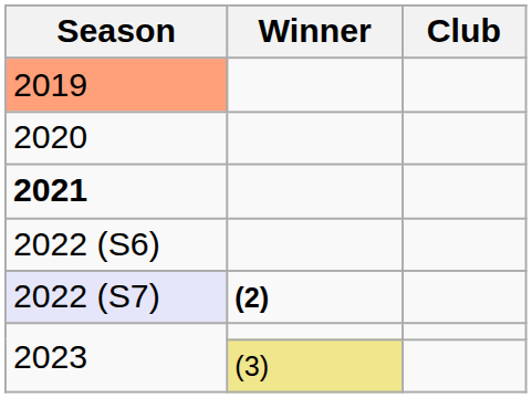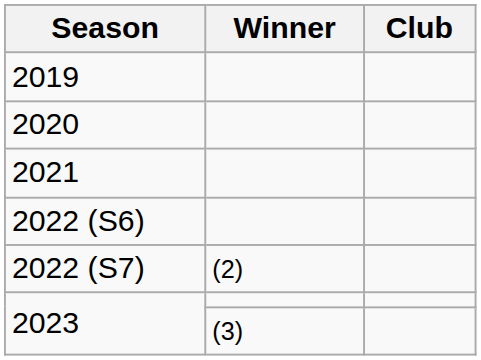 <table class="wikitable sortable" width="40%">
 <tr bgcolor="#efefef">
 <th>Season</th>
 <th>Winner</th>
 <th>Club</th>
 </tr>
 <tr>
-<td style="background: lightsalmon;">2019</td>
+<td>2019</td>
 <td></td>
 <td></td>
 </tr>
 <tr>
 <td>2020</td>
 <td></td>
 <td></td>
 </tr>
 <tr>
-<td><strong>2021</strong></td>
+<td>2021</td>
 <td></td>
 <td></td>
 </tr>
 <tr>
 <td>2022 (S6)</td>
 <td></td>
 <td></td>
 </tr>
 <tr>
-<td style="background: lavender;">2022 (S7)</td>
-<td><strong> <small>(2)</small></strong></td>
+<td>2022 (S7)</td>
+<td> <small>(2)</small></td>
 <td></td>
 </tr>
 <tr>
 <td rowspan="2">2023</td>
 <td></td>
 <td></td>
 </tr>
 <tr>
-<td style="background: khaki;"> <small>(3)</small></td>
+<td> <small>(3)</small></td>
 <td></td>
 </tr>
 </table>
